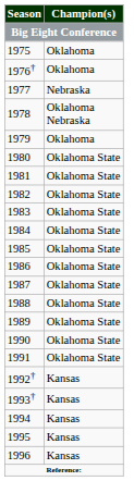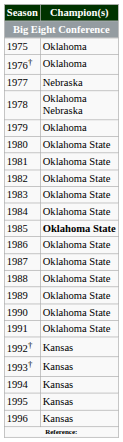 <table class="wikitable">
 <tr>
 <th style="background:#003300;color:white;">Season</th>
 <th style="background:#003300;color:white;">Champion(s)</th>
 </tr>
 <tr>
 <th colspan="2" style="background:#949CA1;color:white;"><strong>Big Eight Conference</strong></th>
 </tr>
 <tr>
 <td>1975</td>
 <td>Oklahoma</td>
 </tr>
 <tr>
 <td>1976<sup>†</sup></td>
 <td>Oklahoma</td>
 </tr>
 <tr>
 <td>1977</td>
 <td>Nebraska</td>
 </tr>
 <tr>
 <td>1978</td>
 <td>Oklahoma<br>Nebraska</td>
 </tr>
 <tr>
 <td>1979</td>
 <td>Oklahoma</td>
 </tr>
 <tr>
 <td>1980</td>
 <td>Oklahoma State</td>
 </tr>
 <tr>
 <td>1981</td>
 <td>Oklahoma State</td>
 </tr>
 <tr>
 <td>1982</td>
 <td>Oklahoma State</td>
 </tr>
 <tr>
 <td>1983</td>
 <td>Oklahoma State</td>
 </tr>
 <tr>
 <td>1984</td>
 <td>Oklahoma State</td>
 </tr>
 <tr>
 <td>1985</td>
-<td>Oklahoma State</td>
+<td><strong>Oklahoma State</strong></td>
 </tr>
 <tr>
 <td>1986</td>
 <td>Oklahoma State</td>
 </tr>
 <tr>
 <td>1987</td>
 <td>Oklahoma State</td>
 </tr>
 <tr>
 <td>1988</td>
 <td>Oklahoma State</td>
 </tr>
 <tr>
 <td>1989</td>
 <td>Oklahoma State</td>
 </tr>
 <tr>
 <td>1990</td>
 <td>Oklahoma State</td>
 </tr>
 <tr>
 <td>1991</td>
 <td>Oklahoma State</td>
 </tr>
 <tr>
 <td>1992<sup>†</sup></td>
 <td>Kansas</td>
 </tr>
 <tr>
 <td>1993<sup>†</sup></td>
 <td>Kansas</td>
 </tr>
 <tr>
 <td>1994</td>
 <td>Kansas</td>
 </tr>
 <tr>
 <td>1995</td>
 <td>Kansas</td>
 </tr>
 <tr>
 <td>1996</td>
 <td>Kansas</td>
 </tr>
 <tr>
 <td colspan="2"  style="font-size:8pt; text-align:center;"><strong>Reference:</strong></td>
 </tr>
 </table>
